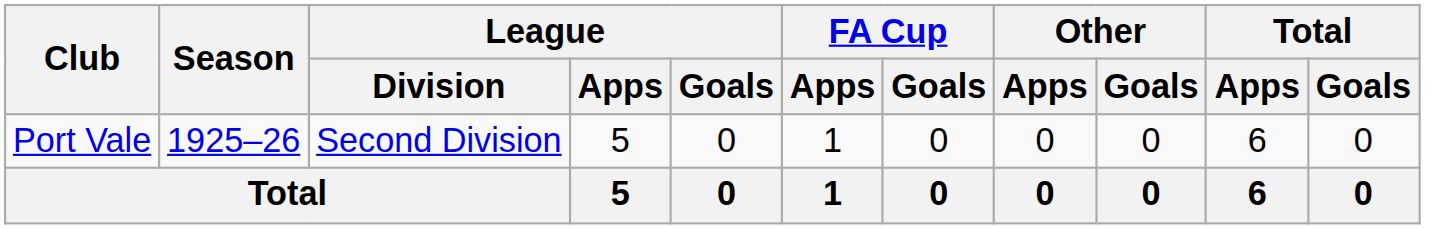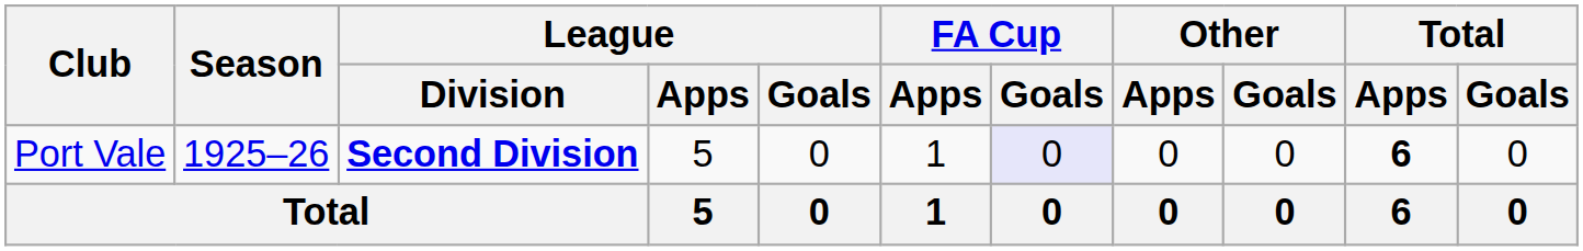 <table class="wikitable" style="text-align:center">
 <tr>
 <th rowspan="2">Club</th>
 <th rowspan="2">Season</th>
 <th colspan="3">League</th>
 <th colspan="2"><a href='#'>FA Cup</a></th>
 <th colspan="2">Other</th>
 <th colspan="2">Total</th>
 </tr>
 <tr>
 <th>Division</th>
 <th>Apps</th>
 <th>Goals</th>
 <th>Apps</th>
 <th>Goals</th>
 <th>Apps</th>
 <th>Goals</th>
 <th>Apps</th>
 <th>Goals</th>
 </tr>
 <tr>
 <td><a href='#'>Port Vale</a></td>
 <td><a href='#'>1925–26</a></td>
-<td><a href='#'>Second Division</a></td>
+<td><strong><a href='#'>Second Division</a></strong></td>
 <td>5</td>
 <td>0</td>
 <td>1</td>
+<td style="background: lavender;">0</td>
 <td>0</td>
 <td>0</td>
-<td>0</td>
-<td>6</td>
+<td><strong>6</strong></td>
 <td>0</td>
 </tr>
 <tr>
 <th colspan="3">Total</th>
 <th>5</th>
 <th>0</th>
 <th>1</th>
 <th>0</th>
 <th>0</th>
 <th>0</th>
 <th>6</th>
 <th>0</th>
 </tr>
 </table>
